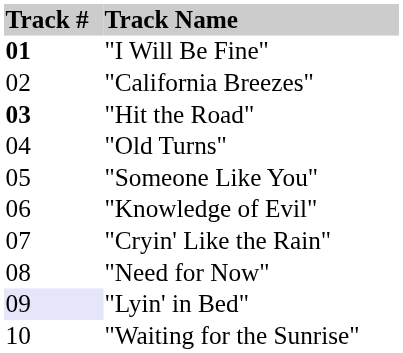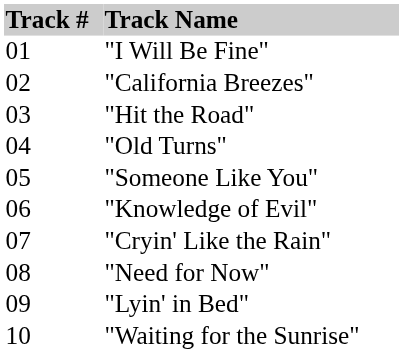 <table cellspacing="0" cellpadding="1" border="0" style="width:250px;">
 <tr style="background:#ccc;">
 <td><strong>Track #</strong></td>
 <td><strong>Track Name</strong></td>
 </tr>
 <tr>
-<td><strong>01</strong></td>
+<td>01</td>
 <td>"I Will Be Fine"</td>
 </tr>
 <tr>
 <td>02</td>
 <td>"California Breezes"</td>
 </tr>
 <tr>
-<td><strong>03</strong></td>
+<td>03</td>
 <td>"Hit the Road"</td>
 </tr>
 <tr>
 <td>04</td>
 <td>"Old Turns"</td>
 </tr>
 <tr>
 <td>05</td>
 <td>"Someone Like You"</td>
 </tr>
 <tr>
 <td>06</td>
 <td>"Knowledge of Evil"</td>
 </tr>
 <tr>
 <td>07</td>
 <td>"Cryin' Like the Rain"</td>
 </tr>
 <tr>
 <td>08</td>
 <td>"Need for Now"</td>
 </tr>
 <tr>
-<td style="background: lavender;">09</td>
+<td>09</td>
 <td>"Lyin' in Bed"</td>
 </tr>
 <tr>
 <td>10</td>
 <td>"Waiting for the Sunrise"</td>
 </tr>
 </table>
